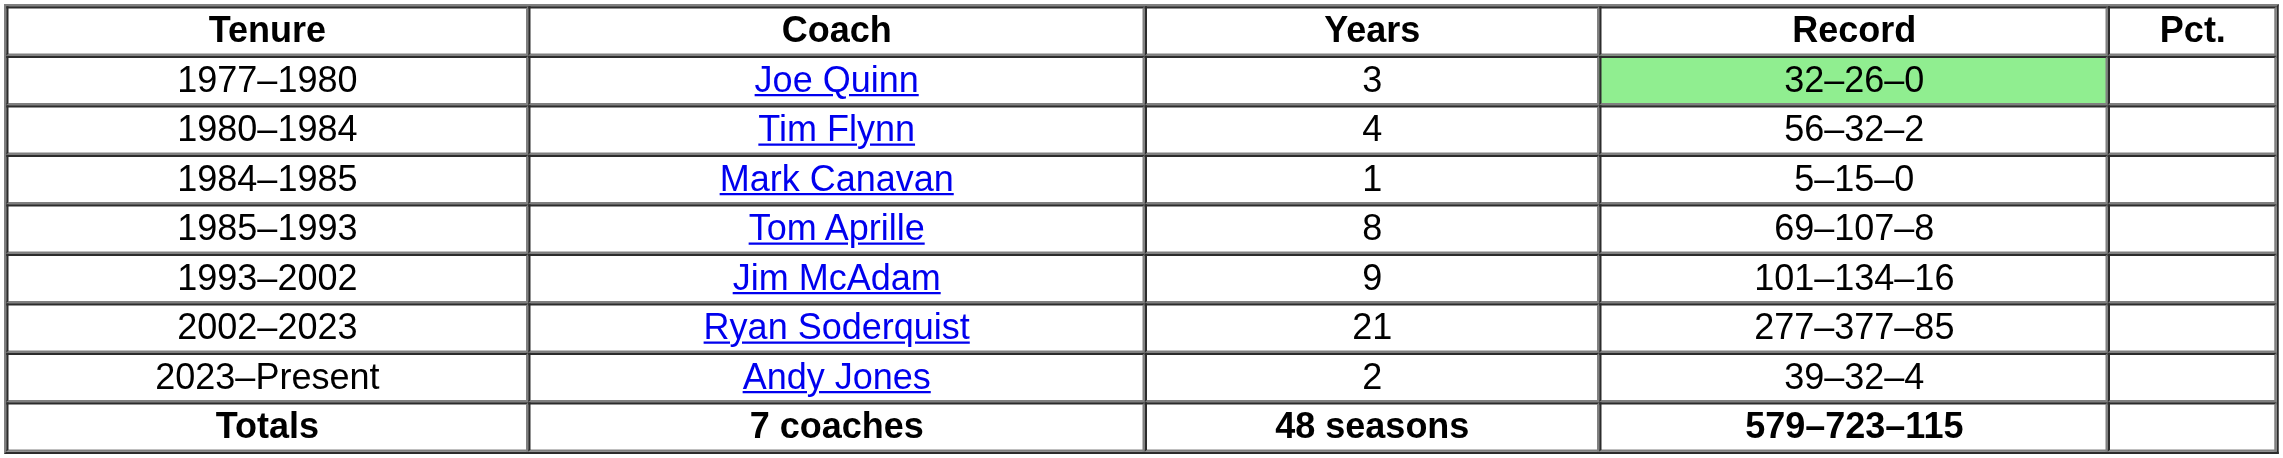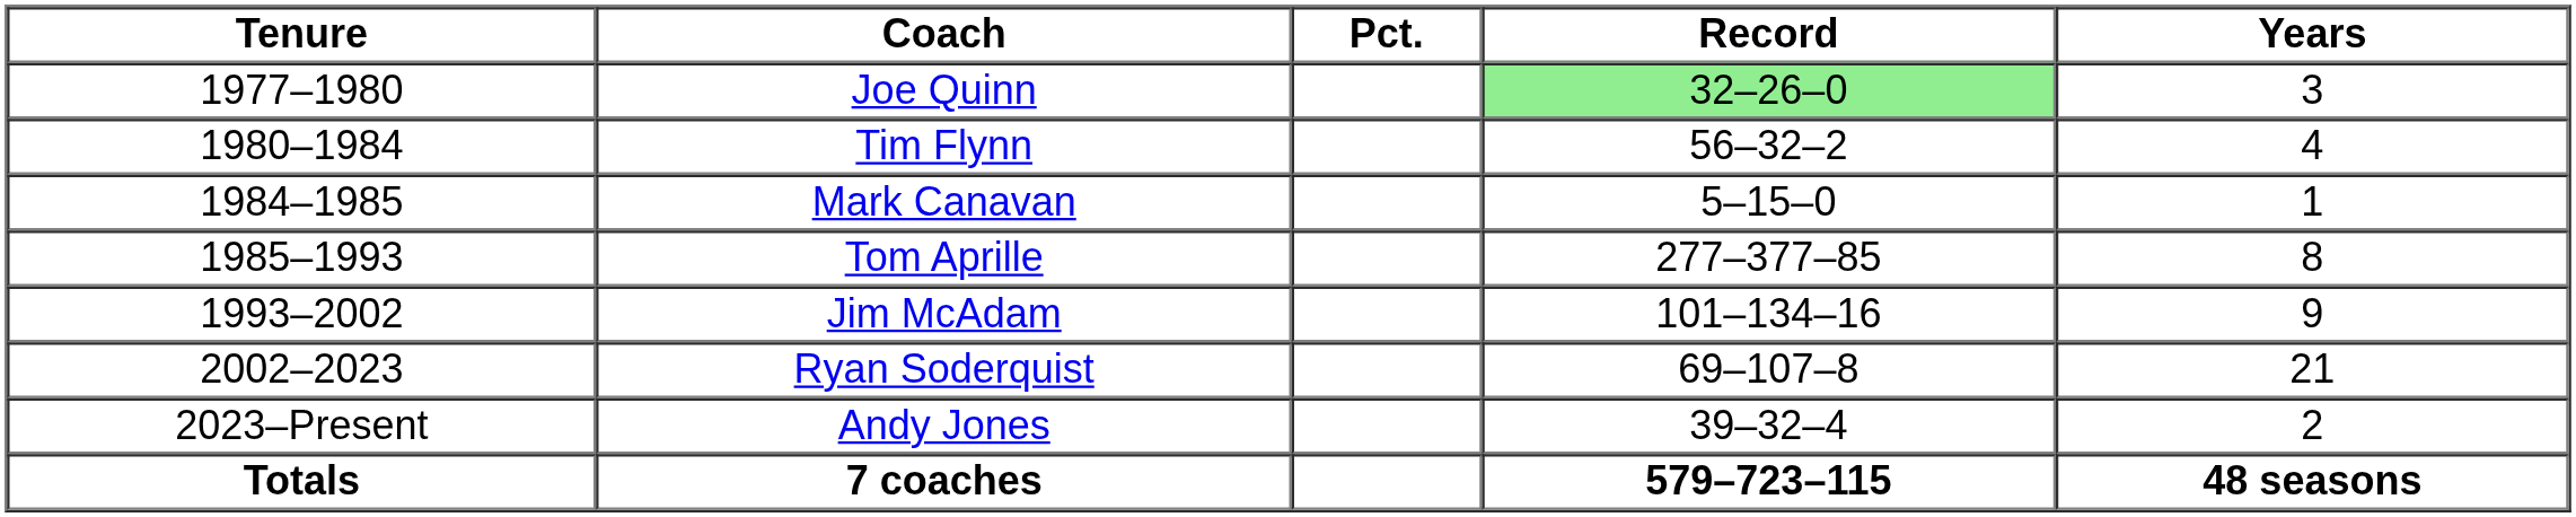 <table cellpadding="1" border="1" cellspacing="0" style="width:80%;">
 <tr>
 <th>Tenure</th>
 <th>Coach</th>
+<th>Pct.</th>
+<th>Record</th>
 <th>Years</th>
-<th>Record</th>
-<th>Pct.</th>
 </tr>
 <tr style="text-align:center;">
 <td>1977–1980</td>
 <td><a href='#'>Joe Quinn</a></td>
+<td></td>
+<td style="background: lightgreen;">32–26–0</td>
 <td>3</td>
-<td style="background: lightgreen;">32–26–0</td>
-<td></td>
 </tr>
 <tr style="text-align:center;">
 <td>1980–1984</td>
 <td><a href='#'>Tim Flynn</a></td>
+<td></td>
+<td>56–32–2</td>
 <td>4</td>
-<td>56–32–2</td>
-<td></td>
 </tr>
 <tr style="text-align:center;">
 <td>1984–1985</td>
 <td><a href='#'>Mark Canavan</a></td>
+<td></td>
+<td>5–15–0</td>
 <td>1</td>
-<td>5–15–0</td>
-<td></td>
 </tr>
 <tr style="text-align:center;">
 <td>1985–1993</td>
 <td><a href='#'>Tom Aprille</a></td>
+<td></td>
+<td>277–377–85</td>
 <td>8</td>
-<td>69–107–8</td>
-<td></td>
 </tr>
 <tr style="text-align:center;">
 <td>1993–2002</td>
 <td><a href='#'>Jim McAdam</a></td>
+<td></td>
+<td>101–134–16</td>
 <td>9</td>
-<td>101–134–16</td>
-<td></td>
 </tr>
 <tr style="text-align:center;">
 <td>2002–2023</td>
 <td><a href='#'>Ryan Soderquist</a></td>
+<td></td>
+<td>69–107–8</td>
 <td>21</td>
-<td>277–377–85</td>
-<td></td>
 </tr>
 <tr style="text-align:center;">
 <td>2023–Present</td>
 <td><a href='#'>Andy Jones</a></td>
+<td></td>
+<td>39–32–4</td>
 <td>2</td>
-<td>39–32–4</td>
-<td></td>
 </tr>
 <tr style="text-align:center;">
 <th>Totals</th>
 <th>7 coaches</th>
+<th></th>
+<th>579–723–115</th>
 <th>48 seasons</th>
-<th>579–723–115</th>
-<th></th>
 </tr>
 </table>
